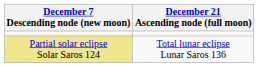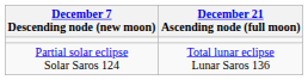 <table class="wikitable">
 <tr>
 <th><a href='#'>December 7</a><br>Descending node (new moon)<br></th>
 <th><a href='#'>December 21</a><br>Ascending node (full moon)<br></th>
 </tr>
 <tr>
 <td></td>
 <td></td>
 </tr>
 <tr align=center>
-<td style="background: khaki;"><a href='#'>Partial solar eclipse</a><br>Solar Saros 124</td>
+<td><a href='#'>Partial solar eclipse</a><br>Solar Saros 124</td>
 <td><a href='#'>Total lunar eclipse</a><br>Lunar Saros 136</td>
 </tr>
 </table>
